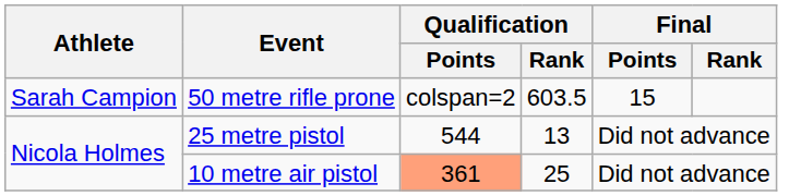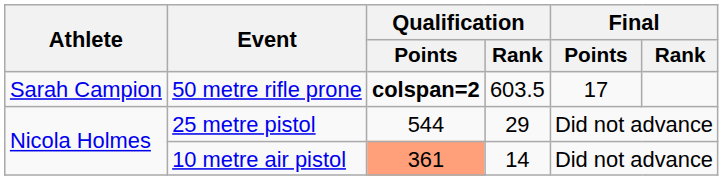 <table class="wikitable" style="font-size:90%">
 <tr>
 <th rowspan=2>Athlete</th>
 <th rowspan=2>Event</th>
 <th colspan=2>Qualification</th>
 <th colspan=2>Final</th>
 </tr>
 <tr style="font-size:95%">
 <th>Points</th>
 <th>Rank</th>
 <th>Points</th>
 <th>Rank</th>
 </tr>
 <tr align=center>
 <td align=left><a href='#'>Sarah Campion</a></td>
 <td align=left><a href='#'>50 metre rifle prone</a></td>
-<td>colspan=2 </td>
+<td><strong>colspan=2 </strong></td>
 <td>603.5</td>
-<td>15</td>
+<td>17</td>
 </tr>
 <tr align=center>
 <td align=left rowspan=2><a href='#'>Nicola Holmes</a></td>
 <td align=left><a href='#'>25 metre pistol</a></td>
 <td>544</td>
-<td>13</td>
+<td>29</td>
 <td colspan=2>Did not advance</td>
 </tr>
 <tr align=center>
 <td align=left><a href='#'>10 metre air pistol</a></td>
 <td style="background: lightsalmon;">361</td>
-<td>25</td>
+<td>14</td>
 <td colspan=2>Did not advance</td>
 </tr>
 </table>
